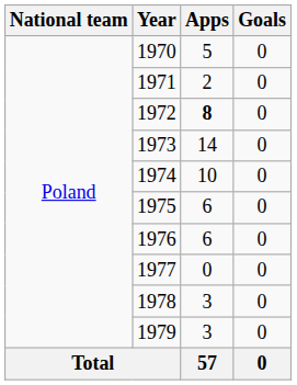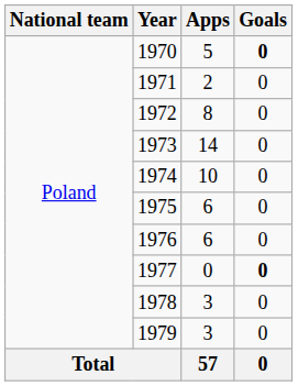 <table class="wikitable" style="text-align:center">
 <tr>
 <th>National team</th>
 <th>Year</th>
 <th>Apps</th>
 <th>Goals</th>
 </tr>
 <tr>
 <td rowspan="10"><a href='#'>Poland</a></td>
 <td>1970</td>
 <td>5</td>
-<td>0</td>
+<td><strong>0</strong></td>
 </tr>
 <tr>
 <td>1971</td>
 <td>2</td>
 <td>0</td>
 </tr>
 <tr>
 <td>1972</td>
-<td><strong>8</strong></td>
+<td>8</td>
 <td>0</td>
 </tr>
 <tr>
 <td>1973</td>
 <td>14</td>
 <td>0</td>
 </tr>
 <tr>
 <td>1974</td>
 <td>10</td>
 <td>0</td>
 </tr>
 <tr>
 <td>1975</td>
 <td>6</td>
 <td>0</td>
 </tr>
 <tr>
 <td>1976</td>
 <td>6</td>
 <td>0</td>
 </tr>
 <tr>
 <td>1977</td>
 <td>0</td>
-<td>0</td>
+<td><strong>0</strong></td>
 </tr>
 <tr>
 <td>1978</td>
 <td>3</td>
 <td>0</td>
 </tr>
 <tr>
 <td>1979</td>
 <td>3</td>
 <td>0</td>
 </tr>
 <tr>
 <th colspan="2">Total</th>
 <th>57</th>
 <th>0</th>
 </tr>
 </table>
